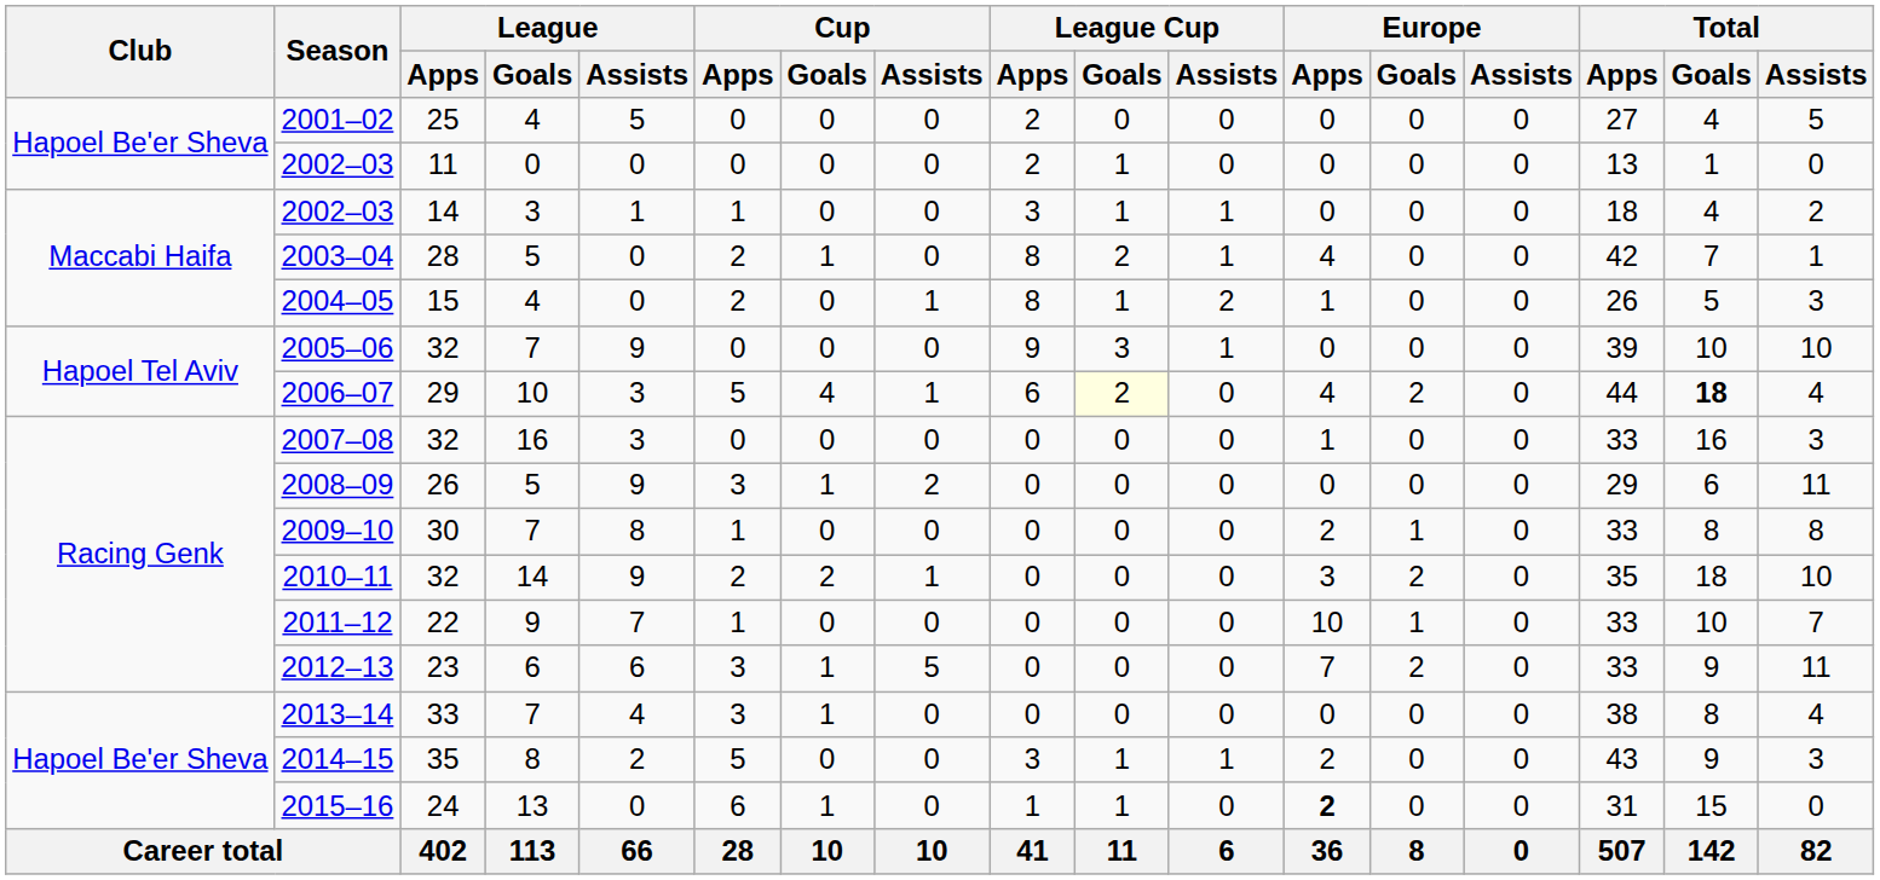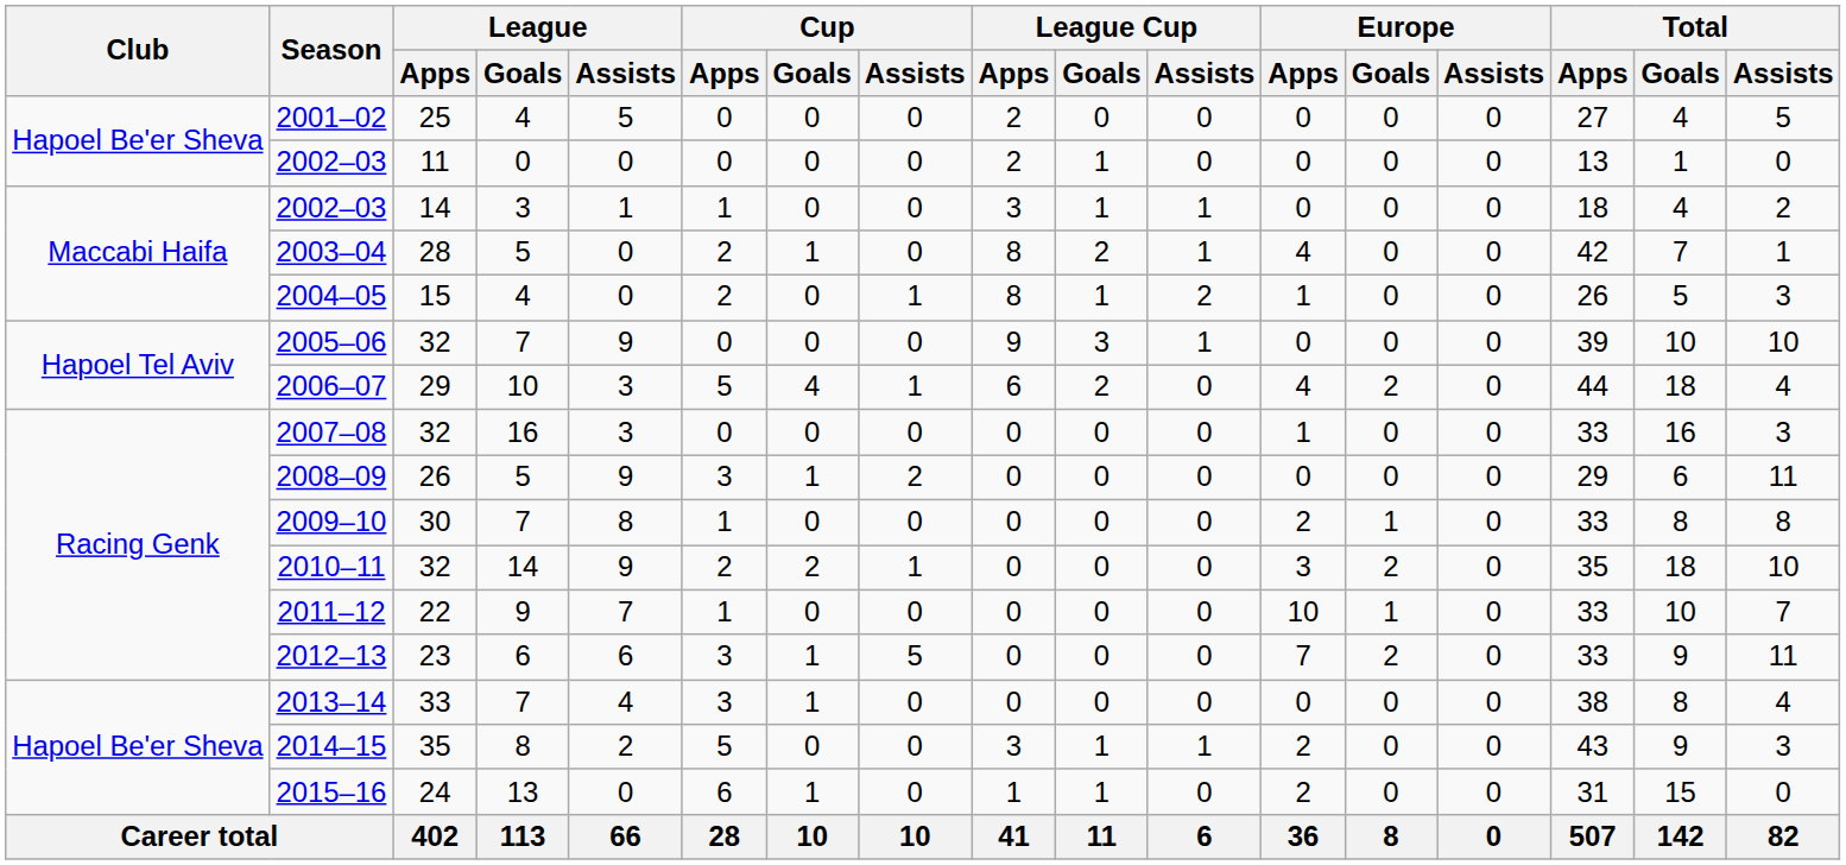 <table class="wikitable" style="text-align: center;">
 <tr>
 <th rowspan="2">Club</th>
 <th rowspan="2">Season</th>
 <th colspan="3">League</th>
 <th colspan="3">Cup</th>
 <th colspan="3">League Cup</th>
 <th colspan="3">Europe</th>
 <th colspan="3">Total</th>
 </tr>
 <tr>
 <th>Apps</th>
 <th>Goals</th>
 <th>Assists</th>
 <th>Apps</th>
 <th>Goals</th>
 <th>Assists</th>
 <th>Apps</th>
 <th>Goals</th>
 <th>Assists</th>
 <th>Apps</th>
 <th>Goals</th>
 <th>Assists</th>
 <th>Apps</th>
 <th>Goals</th>
 <th>Assists</th>
 </tr>
 <tr |-||-||-|>
 <td rowspan="2"><a href='#'>Hapoel Be'er Sheva</a></td>
 <td><a href='#'>2001–02</a></td>
 <td>25</td>
 <td>4</td>
 <td>5</td>
 <td>0</td>
 <td>0</td>
 <td>0</td>
 <td>2</td>
 <td>0</td>
 <td>0</td>
 <td>0</td>
 <td>0</td>
 <td>0</td>
 <td>27</td>
 <td>4</td>
 <td>5</td>
 </tr>
 <tr>
 <td><a href='#'>2002–03</a></td>
 <td>11</td>
 <td>0</td>
 <td>0</td>
 <td>0</td>
 <td>0</td>
 <td>0</td>
 <td>2</td>
 <td>1</td>
 <td>0</td>
 <td>0</td>
 <td>0</td>
 <td>0</td>
 <td>13</td>
 <td>1</td>
 <td>0</td>
 </tr>
 <tr>
 <td rowspan="3"><a href='#'>Maccabi Haifa</a></td>
 <td><a href='#'>2002–03</a></td>
 <td>14</td>
 <td>3</td>
 <td>1</td>
 <td>1</td>
 <td>0</td>
 <td>0</td>
 <td>3</td>
 <td>1</td>
 <td>1</td>
 <td>0</td>
 <td>0</td>
 <td>0</td>
 <td>18</td>
 <td>4</td>
 <td>2</td>
 </tr>
 <tr>
 <td><a href='#'>2003–04</a></td>
 <td>28</td>
 <td>5</td>
 <td>0</td>
 <td>2</td>
 <td>1</td>
 <td>0</td>
 <td>8</td>
 <td>2</td>
 <td>1</td>
 <td>4</td>
 <td>0</td>
 <td>0</td>
 <td>42</td>
 <td>7</td>
 <td>1</td>
 </tr>
 <tr>
 <td><a href='#'>2004–05</a></td>
 <td>15</td>
 <td>4</td>
 <td>0</td>
 <td>2</td>
 <td>0</td>
 <td>1</td>
 <td>8</td>
 <td>1</td>
 <td>2</td>
 <td>1</td>
 <td>0</td>
 <td>0</td>
 <td>26</td>
 <td>5</td>
 <td>3</td>
 </tr>
 <tr>
 <td rowspan="2"><a href='#'>Hapoel Tel Aviv</a></td>
 <td><a href='#'>2005–06</a></td>
 <td>32</td>
 <td>7</td>
 <td>9</td>
 <td>0</td>
 <td>0</td>
 <td>0</td>
 <td>9</td>
 <td>3</td>
 <td>1</td>
 <td>0</td>
 <td>0</td>
 <td>0</td>
 <td>39</td>
 <td>10</td>
 <td>10</td>
 </tr>
 <tr>
 <td><a href='#'>2006–07</a></td>
 <td>29</td>
 <td>10</td>
 <td>3</td>
 <td>5</td>
 <td>4</td>
 <td>1</td>
 <td>6</td>
-<td style="background: lightyellow;">2</td>
+<td>2</td>
 <td>0</td>
 <td>4</td>
 <td>2</td>
 <td>0</td>
 <td>44</td>
-<td><strong>18</strong></td>
+<td>18</td>
 <td>4</td>
 </tr>
 <tr>
 <td rowspan="6"><a href='#'>Racing Genk</a></td>
 <td><a href='#'>2007–08</a></td>
 <td>32</td>
 <td>16</td>
 <td>3</td>
 <td>0</td>
 <td>0</td>
 <td>0</td>
 <td>0</td>
 <td>0</td>
 <td>0</td>
 <td>1</td>
 <td>0</td>
 <td>0</td>
 <td>33</td>
 <td>16</td>
 <td>3</td>
 </tr>
 <tr>
 <td><a href='#'>2008–09</a></td>
 <td>26</td>
 <td>5</td>
 <td>9</td>
 <td>3</td>
 <td>1</td>
 <td>2</td>
 <td>0</td>
 <td>0</td>
 <td>0</td>
 <td>0</td>
 <td>0</td>
 <td>0</td>
 <td>29</td>
 <td>6</td>
 <td>11</td>
 </tr>
 <tr>
 <td><a href='#'>2009–10</a></td>
 <td>30</td>
 <td>7</td>
 <td>8</td>
 <td>1</td>
 <td>0</td>
 <td>0</td>
 <td>0</td>
 <td>0</td>
 <td>0</td>
 <td>2</td>
 <td>1</td>
 <td>0</td>
 <td>33</td>
 <td>8</td>
 <td>8</td>
 </tr>
 <tr>
 <td><a href='#'>2010–11</a></td>
 <td>32</td>
 <td>14</td>
 <td>9</td>
 <td>2</td>
 <td>2</td>
 <td>1</td>
 <td>0</td>
 <td>0</td>
 <td>0</td>
 <td>3</td>
 <td>2</td>
 <td>0</td>
 <td>35</td>
 <td>18</td>
 <td>10</td>
 </tr>
 <tr>
 <td><a href='#'>2011–12</a></td>
 <td>22</td>
 <td>9</td>
 <td>7</td>
 <td>1</td>
 <td>0</td>
 <td>0</td>
 <td>0</td>
 <td>0</td>
 <td>0</td>
 <td>10</td>
 <td>1</td>
 <td>0</td>
 <td>33</td>
 <td>10</td>
 <td>7</td>
 </tr>
 <tr>
 <td><a href='#'>2012–13</a></td>
 <td>23</td>
 <td>6</td>
 <td>6</td>
 <td>3</td>
 <td>1</td>
 <td>5</td>
 <td>0</td>
 <td>0</td>
 <td>0</td>
 <td>7</td>
 <td>2</td>
 <td>0</td>
 <td>33</td>
 <td>9</td>
 <td>11</td>
 </tr>
 <tr>
 <td rowspan="3"><a href='#'>Hapoel Be'er Sheva</a></td>
 <td><a href='#'>2013–14</a></td>
 <td>33</td>
 <td>7</td>
 <td>4</td>
 <td>3</td>
 <td>1</td>
 <td>0</td>
 <td>0</td>
 <td>0</td>
 <td>0</td>
 <td>0</td>
 <td>0</td>
 <td>0</td>
 <td>38</td>
 <td>8</td>
 <td>4</td>
 </tr>
 <tr>
 <td><a href='#'>2014–15</a></td>
 <td>35</td>
 <td>8</td>
 <td>2</td>
 <td>5</td>
 <td>0</td>
 <td>0</td>
 <td>3</td>
 <td>1</td>
 <td>1</td>
 <td>2</td>
 <td>0</td>
 <td>0</td>
 <td>43</td>
 <td>9</td>
 <td>3</td>
 </tr>
 <tr>
 <td><a href='#'>2015–16</a></td>
 <td>24</td>
 <td>13</td>
 <td>0</td>
 <td>6</td>
 <td>1</td>
 <td>0</td>
 <td>1</td>
 <td>1</td>
 <td>0</td>
-<td><strong>2</strong></td>
+<td>2</td>
 <td>0</td>
 <td>0</td>
 <td>31</td>
 <td>15</td>
 <td>0</td>
 </tr>
 <tr>
 <th colspan="2">Career total</th>
 <th>402</th>
 <th>113</th>
 <th>66</th>
 <th>28</th>
 <th>10</th>
 <th>10</th>
 <th>41</th>
 <th>11</th>
 <th>6</th>
 <th>36</th>
 <th>8</th>
 <th>0</th>
 <th>507</th>
 <th>142</th>
 <th>82</th>
 </tr>
 </table>
